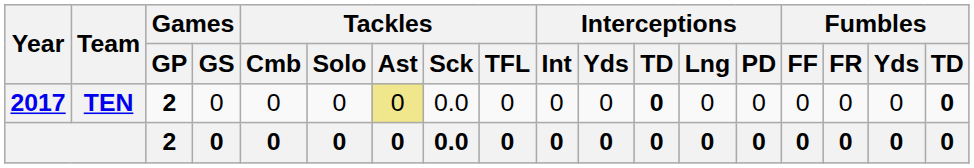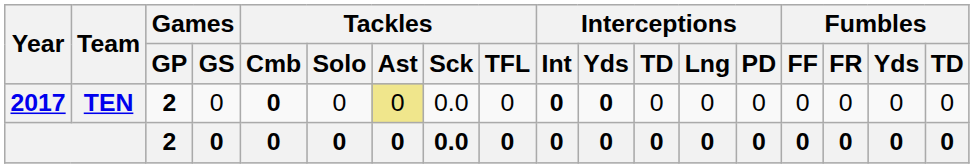 <table class="wikitable" style="text-align:center">
 <tr>
 <th rowspan="2">Year</th>
 <th rowspan="2">Team</th>
 <th colspan="2">Games</th>
 <th colspan="5">Tackles</th>
 <th colspan="5">Interceptions</th>
 <th colspan="4">Fumbles</th>
 </tr>
 <tr>
 <th>GP</th>
 <th>GS</th>
 <th>Cmb</th>
 <th>Solo</th>
 <th>Ast</th>
 <th>Sck</th>
 <th>TFL</th>
 <th>Int</th>
 <th>Yds</th>
 <th>TD</th>
 <th>Lng</th>
 <th>PD</th>
 <th>FF</th>
 <th>FR</th>
 <th>Yds</th>
 <th>TD</th>
 </tr>
 <tr>
 <th><a href='#'>2017</a></th>
 <th><a href='#'>TEN</a></th>
 <td><strong>2</strong></td>
 <td>0</td>
-<td>0</td>
+<td><strong>0</strong></td>
 <td>0</td>
 <td style="background: khaki;">0</td>
 <td>0.0</td>
 <td>0</td>
-<td>0</td>
-<td>0</td>
+<td><strong>0</strong></td>
 <td><strong>0</strong></td>
 <td>0</td>
 <td>0</td>
 <td>0</td>
 <td>0</td>
 <td>0</td>
-<td><strong>0</strong></td>
+<td>0</td>
+<td>0</td>
 </tr>
 <tr>
 <th colspan="2"></th>
 <th>2</th>
 <th>0</th>
 <th>0</th>
 <th>0</th>
 <th>0</th>
 <th>0.0</th>
 <th>0</th>
 <th>0</th>
 <th>0</th>
 <th>0</th>
 <th>0</th>
 <th>0</th>
 <th>0</th>
 <th>0</th>
 <th>0</th>
 <th>0</th>
 </tr>
 </table>
